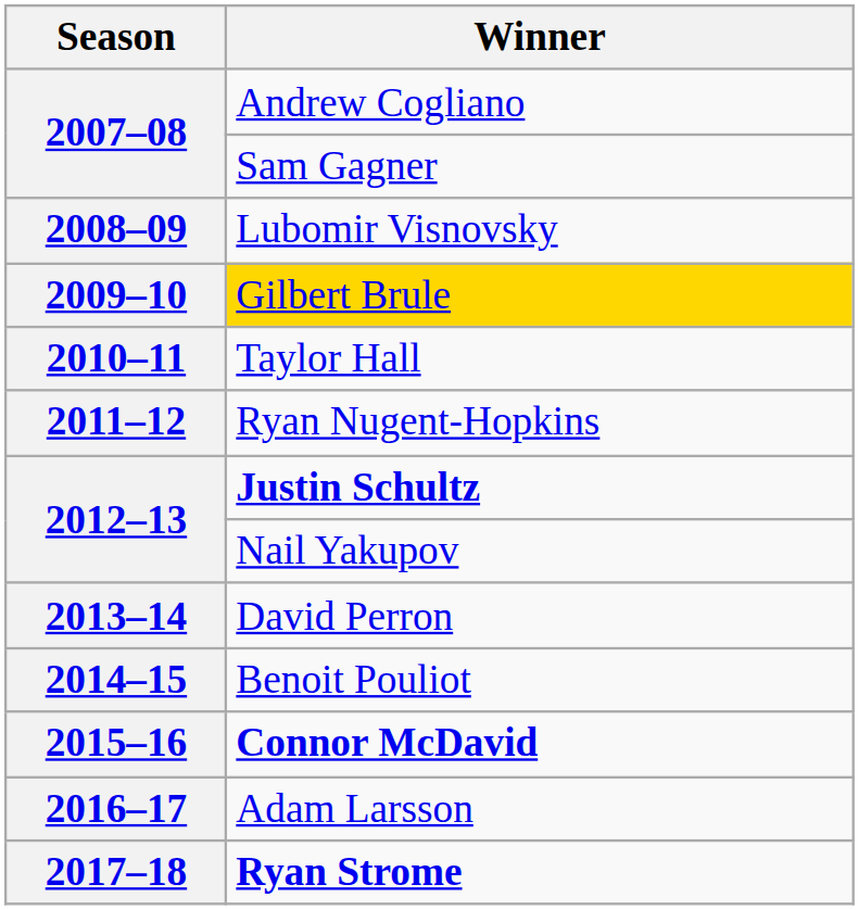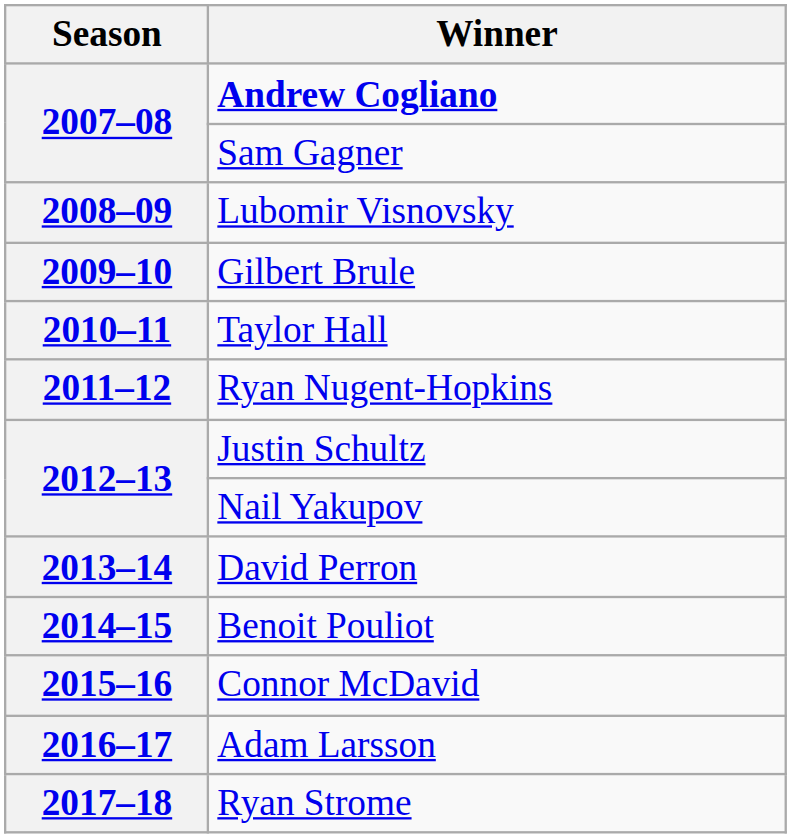 <table class="wikitable">
 <tr>
 <th scope="col" style="width:5em">Season</th>
 <th scope="col" style="width:15em">Winner</th>
 </tr>
 <tr>
 <th scope="row" rowspan="2"><a href='#'>2007–08</a></th>
-<td><a href='#'>Andrew Cogliano</a></td>
+<td><strong><a href='#'>Andrew Cogliano</a></strong></td>
 </tr>
 <tr>
 <td><a href='#'>Sam Gagner</a></td>
 </tr>
 <tr>
 <th scope="row"><a href='#'>2008–09</a></th>
 <td><a href='#'>Lubomir Visnovsky</a></td>
 </tr>
 <tr>
 <th scope="row"><a href='#'>2009–10</a></th>
-<td style="background: gold;"><a href='#'>Gilbert Brule</a></td>
+<td><a href='#'>Gilbert Brule</a></td>
 </tr>
 <tr>
 <th scope="row"><a href='#'>2010–11</a></th>
 <td><a href='#'>Taylor Hall</a></td>
 </tr>
 <tr>
 <th scope="row"><a href='#'>2011–12</a></th>
 <td><a href='#'>Ryan Nugent-Hopkins</a></td>
 </tr>
 <tr>
 <th scope="row" rowspan="2"><a href='#'>2012–13</a></th>
-<td><strong><a href='#'>Justin Schultz</a></strong></td>
+<td><a href='#'>Justin Schultz</a></td>
 </tr>
 <tr>
 <td><a href='#'>Nail Yakupov</a></td>
 </tr>
 <tr>
 <th scope="row"><a href='#'>2013–14</a></th>
 <td><a href='#'>David Perron</a></td>
 </tr>
 <tr>
 <th scope="row"><a href='#'>2014–15</a></th>
 <td><a href='#'>Benoit Pouliot</a></td>
 </tr>
 <tr>
 <th scope="row"><a href='#'>2015–16</a></th>
-<td><strong><a href='#'>Connor McDavid</a></strong></td>
+<td><a href='#'>Connor McDavid</a></td>
 </tr>
 <tr>
 <th scope="row"><a href='#'>2016–17</a></th>
 <td><a href='#'>Adam Larsson</a></td>
 </tr>
 <tr>
 <th scope="row"><a href='#'>2017–18</a></th>
-<td><strong><a href='#'>Ryan Strome</a></strong></td>
+<td><a href='#'>Ryan Strome</a></td>
 </tr>
 </table>
